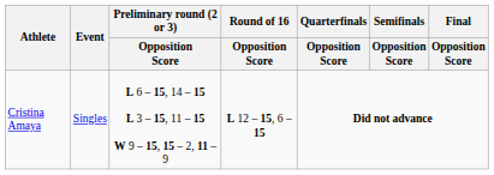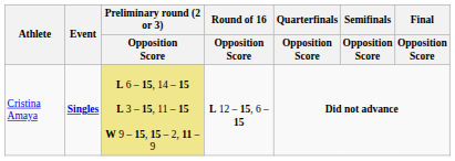 <table class="wikitable" border="1" style="font-size:90%">
 <tr>
 <th rowspan=2>Athlete</th>
 <th rowspan=2>Event</th>
 <th>Preliminary round (2 or 3)</th>
 <th>Round of 16</th>
 <th>Quarterfinals</th>
 <th>Semifinals</th>
 <th>Final</th>
 </tr>
 <tr>
 <th>Opposition<br>Score</th>
 <th>Opposition<br>Score</th>
 <th>Opposition<br>Score</th>
 <th>Opposition<br>Score</th>
 <th>Opposition<br>Score</th>
 </tr>
 <tr>
 <td><a href='#'>Cristina Amaya</a></td>
-<td><a href='#'>Singles</a></td>
-<td align=center><br><strong>L</strong> 6 – <strong>15</strong>, 14 – <strong>15</strong><br><br><strong>L</strong> 3 – <strong>15</strong>, 11 – <strong>15</strong><br><br><strong>W</strong> 9 – <strong>15</strong>, <strong>15</strong> – 2, <strong>11</strong> – 9</td>
+<td><strong><a href='#'>Singles</a></strong></td>
+<td align=center style="background: khaki;"><br><strong>L</strong> 6 – <strong>15</strong>, 14 – <strong>15</strong><br><br><strong>L</strong> 3 – <strong>15</strong>, 11 – <strong>15</strong><br><br><strong>W</strong> 9 – <strong>15</strong>, <strong>15</strong> – 2, <strong>11</strong> – 9</td>
 <td align=center><br><strong>L</strong> 12 – <strong>15</strong>, 6 – <strong>15</strong></td>
 <td align="center" colspan="7"><strong>Did not advance</strong></td>
 </tr>
 </table>
